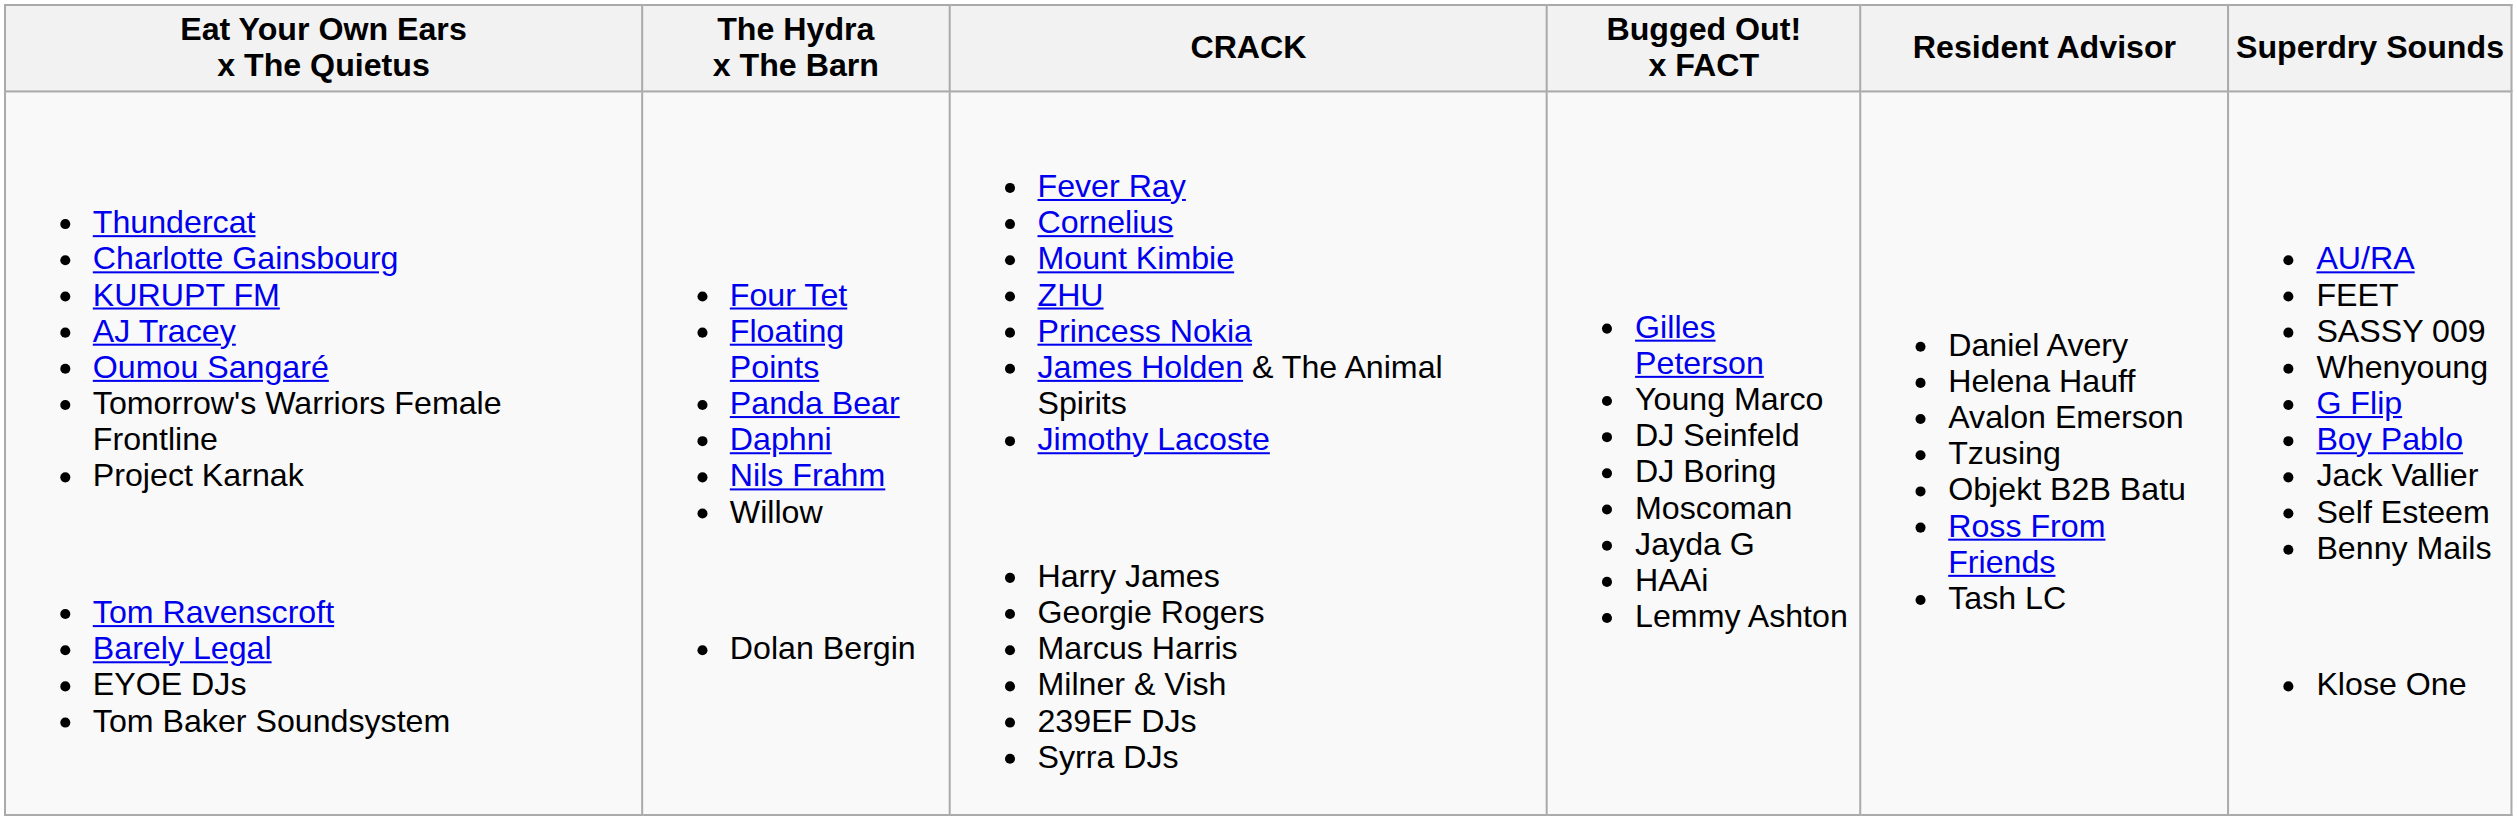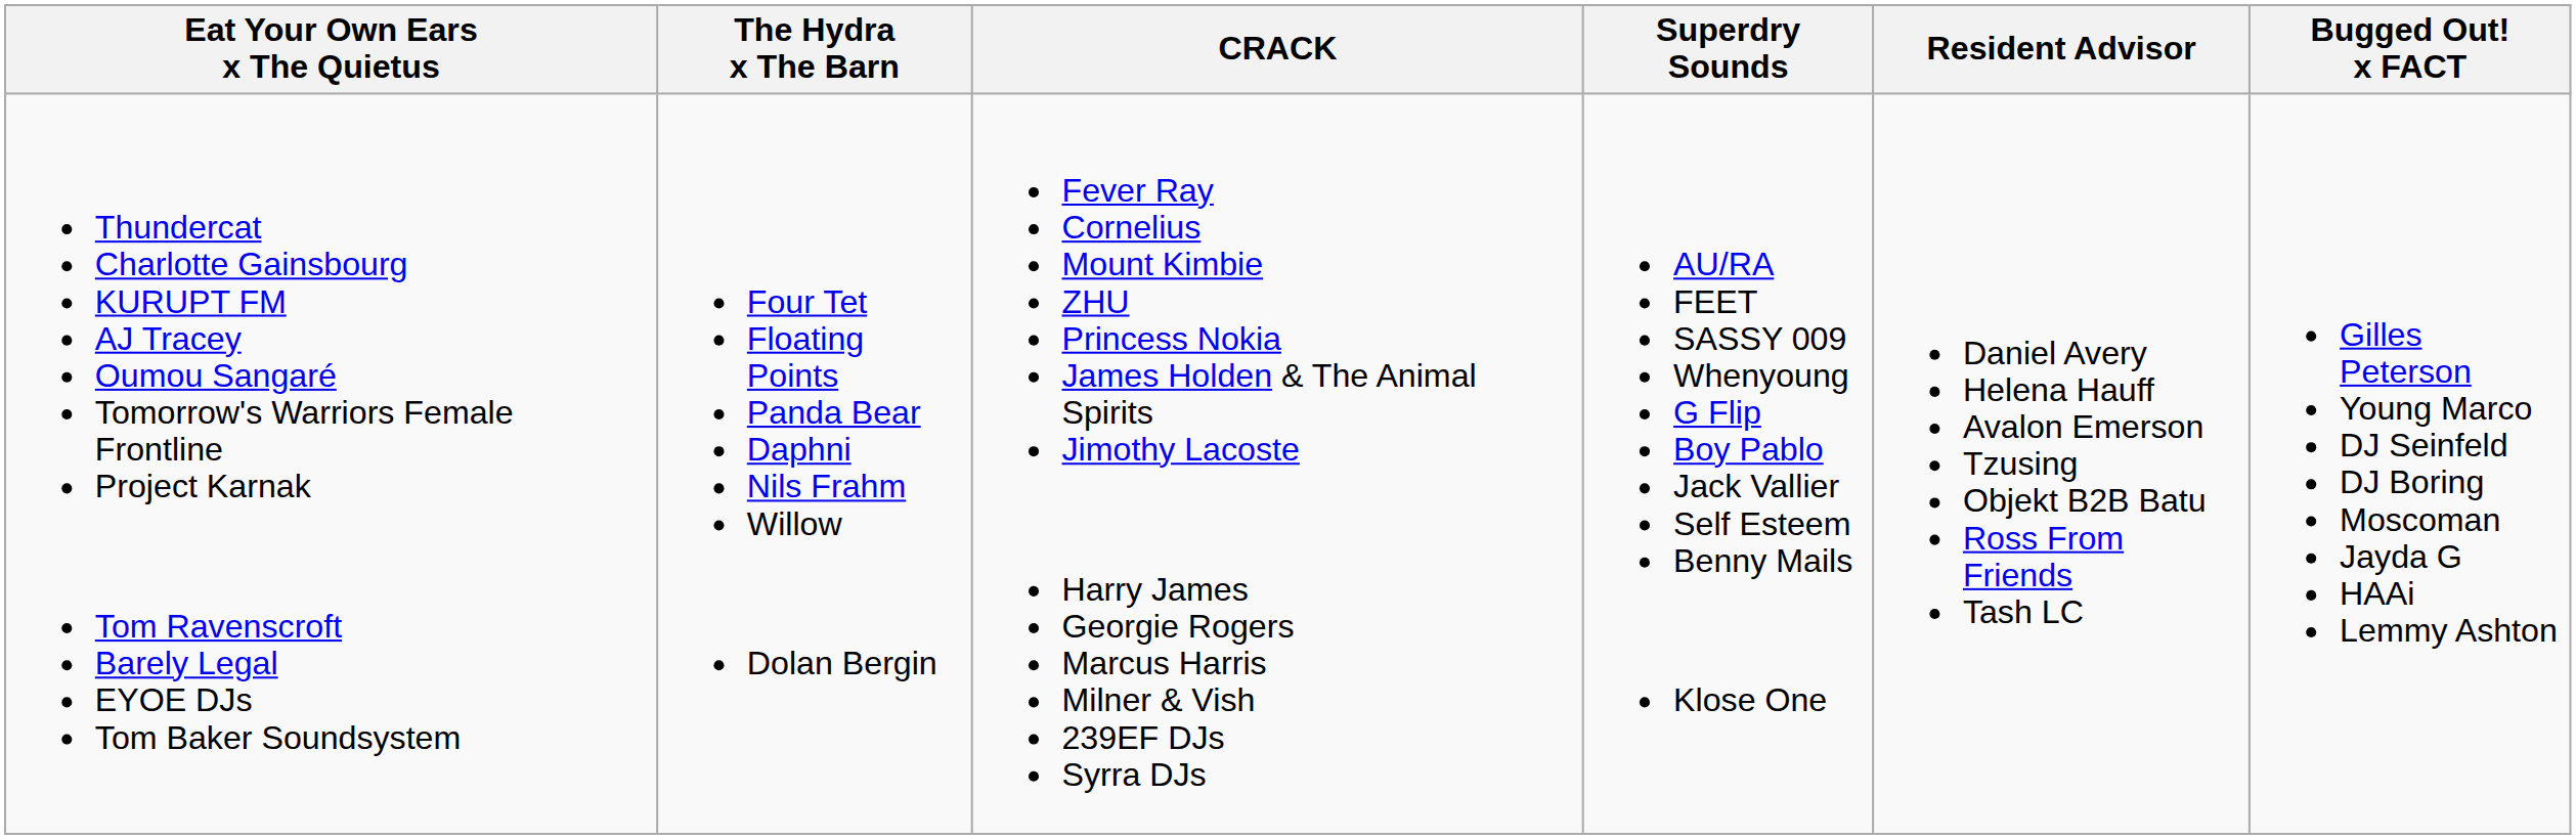 <table class="wikitable">
 <tr>
 <th>Eat Your Own Ears<br>x The Quietus</th>
 <th>The Hydra<br>x The Barn</th>
 <th>CRACK</th>
+<th>Superdry Sounds</th>
+<th>Resident Advisor</th>
 <th>Bugged Out!<br>x FACT</th>
-<th>Resident Advisor</th>
-<th>Superdry Sounds</th>
 </tr>
 <tr>
 <td><br><ul><li><a href='#'>Thundercat</a></li><li><a href='#'>Charlotte Gainsbourg</a></li><li><a href='#'>KURUPT FM</a></li><li><a href='#'>AJ Tracey</a></li><li><a href='#'>Oumou Sangaré</a></li><li>Tomorrow's Warriors Female Frontline</li><li>Project Karnak</li></ul><br><ul><li><a href='#'>Tom Ravenscroft</a></li><li><a href='#'>Barely Legal</a></li><li>EYOE DJs</li><li>Tom Baker Soundsystem</li></ul></td>
 <td><br><ul><li><a href='#'>Four Tet</a></li><li><a href='#'>Floating Points</a></li><li><a href='#'>Panda Bear</a></li><li><a href='#'>Daphni</a></li><li><a href='#'>Nils Frahm</a></li><li>Willow</li></ul><br><ul><li>Dolan Bergin</li></ul></td>
 <td><br><ul><li><a href='#'>Fever Ray</a></li><li><a href='#'>Cornelius</a></li><li><a href='#'>Mount Kimbie</a></li><li><a href='#'>ZHU</a></li><li><a href='#'>Princess Nokia</a></li><li><a href='#'>James Holden</a> & The Animal Spirits</li><li><a href='#'>Jimothy Lacoste</a></li></ul><br><ul><li>Harry James</li><li>Georgie Rogers</li><li>Marcus Harris</li><li>Milner & Vish</li><li>239EF DJs</li><li>Syrra DJs</li></ul></td>
+<td><br><ul><li><a href='#'>AU/RA</a></li><li>FEET</li><li>SASSY 009</li><li>Whenyoung</li><li><a href='#'>G Flip</a></li><li><a href='#'>Boy Pablo</a></li><li>Jack Vallier</li><li>Self Esteem</li><li>Benny Mails</li></ul><br><ul><li>Klose One</li></ul></td>
+<td><br><ul><li>Daniel Avery</li><li>Helena Hauff</li><li>Avalon Emerson</li><li>Tzusing</li><li>Objekt B2B Batu</li><li><a href='#'>Ross From Friends</a></li><li>Tash LC</li></ul></td>
 <td><br><ul><li><a href='#'>Gilles Peterson</a></li><li>Young Marco</li><li>DJ Seinfeld</li><li>DJ Boring</li><li>Moscoman</li><li>Jayda G</li><li>HAAi</li><li>Lemmy Ashton</li></ul></td>
-<td><br><ul><li>Daniel Avery</li><li>Helena Hauff</li><li>Avalon Emerson</li><li>Tzusing</li><li>Objekt B2B Batu</li><li><a href='#'>Ross From Friends</a></li><li>Tash LC</li></ul></td>
-<td><br><ul><li><a href='#'>AU/RA</a></li><li>FEET</li><li>SASSY 009</li><li>Whenyoung</li><li><a href='#'>G Flip</a></li><li><a href='#'>Boy Pablo</a></li><li>Jack Vallier</li><li>Self Esteem</li><li>Benny Mails</li></ul><br><ul><li>Klose One</li></ul></td>
 </tr>
 </table>
